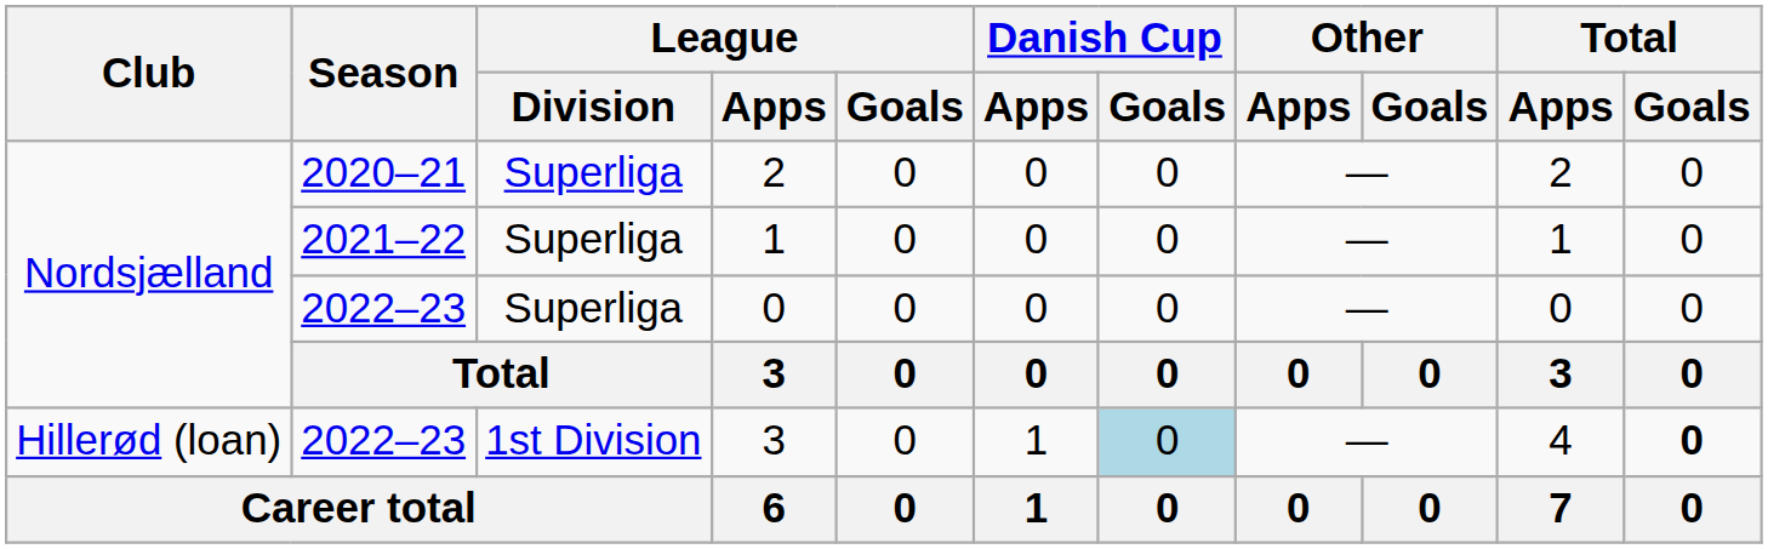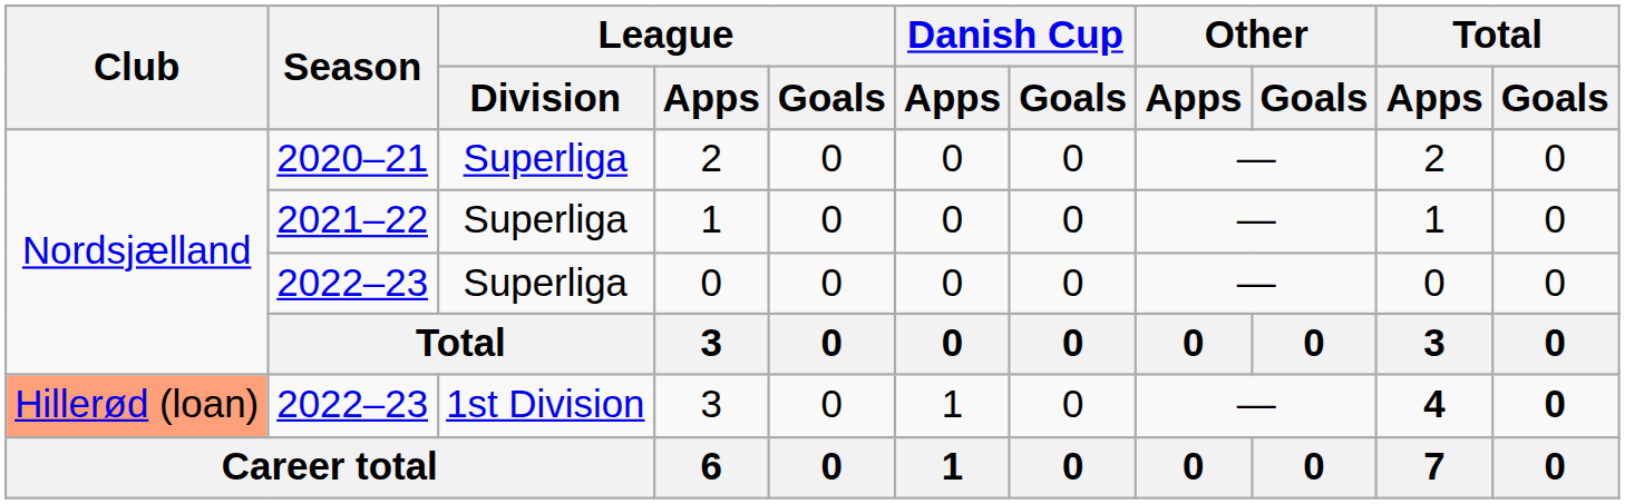 <table class="wikitable" style="text-align:center">
 <tr>
 <th rowspan="2">Club</th>
 <th rowspan="2">Season</th>
 <th colspan="3">League</th>
 <th colspan="2"><a href='#'>Danish Cup</a></th>
 <th colspan="2">Other</th>
 <th colspan="2">Total</th>
 </tr>
 <tr>
 <th>Division</th>
 <th>Apps</th>
 <th>Goals</th>
 <th>Apps</th>
 <th>Goals</th>
 <th>Apps</th>
 <th>Goals</th>
 <th>Apps</th>
 <th>Goals</th>
 </tr>
 <tr>
 <td rowspan="4"><a href='#'>Nordsjælland</a></td>
 <td><a href='#'>2020–21</a></td>
 <td><a href='#'>Superliga</a></td>
 <td>2</td>
 <td>0</td>
 <td>0</td>
 <td>0</td>
 <td colspan="2">—</td>
 <td>2</td>
 <td>0</td>
 </tr>
 <tr>
 <td><a href='#'>2021–22</a></td>
 <td>Superliga</td>
 <td>1</td>
 <td>0</td>
 <td>0</td>
 <td>0</td>
 <td colspan="2">—</td>
 <td>1</td>
 <td>0</td>
 </tr>
 <tr>
 <td><a href='#'>2022–23</a></td>
 <td>Superliga</td>
 <td>0</td>
 <td>0</td>
 <td>0</td>
 <td>0</td>
 <td colspan="2">—</td>
 <td>0</td>
 <td>0</td>
 </tr>
 <tr>
 <th colspan="2">Total</th>
 <th>3</th>
 <th>0</th>
 <th>0</th>
 <th>0</th>
 <th>0</th>
 <th>0</th>
 <th>3</th>
 <th>0</th>
 </tr>
 <tr>
-<td><a href='#'>Hillerød</a> (loan)</td>
+<td style="background: lightsalmon;"><a href='#'>Hillerød</a> (loan)</td>
 <td><a href='#'>2022–23</a></td>
 <td><a href='#'>1st Division</a></td>
 <td>3</td>
 <td>0</td>
 <td>1</td>
-<td style="background: lightblue;">0</td>
+<td>0</td>
 <td colspan="2">—</td>
-<td>4</td>
+<td><strong>4</strong></td>
 <td><strong>0</strong></td>
 </tr>
 <tr>
 <th colspan="3">Career total</th>
 <th>6</th>
 <th>0</th>
 <th>1</th>
 <th>0</th>
 <th>0</th>
 <th>0</th>
 <th>7</th>
 <th>0</th>
 </tr>
 </table>
